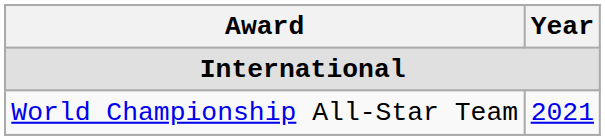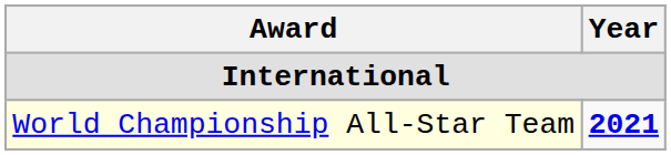 <table class="wikitable">
 <tr>
 <th>Award</th>
 <th>Year</th>
 </tr>
 <tr ALIGN="center" bgcolor="#e0e0e0">
 <td colspan="3"><strong>International</strong></td>
 </tr>
 <tr>
-<td><a href='#'>World Championship</a> All-Star Team</td>
-<td><a href='#'>2021</a></td>
+<td style="background: lightyellow;"><a href='#'>World Championship</a> All-Star Team</td>
+<td><strong><a href='#'>2021</a></strong></td>
 </tr>
 </table>
